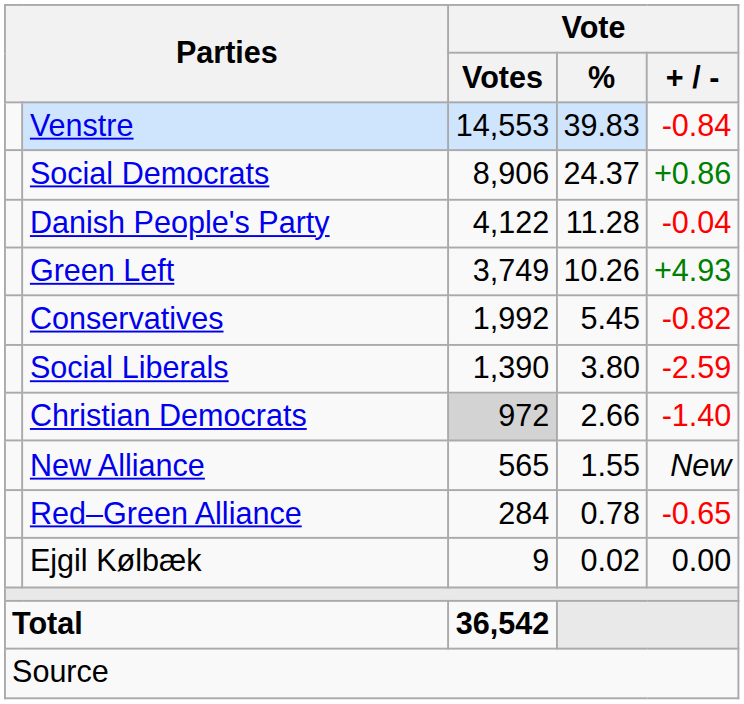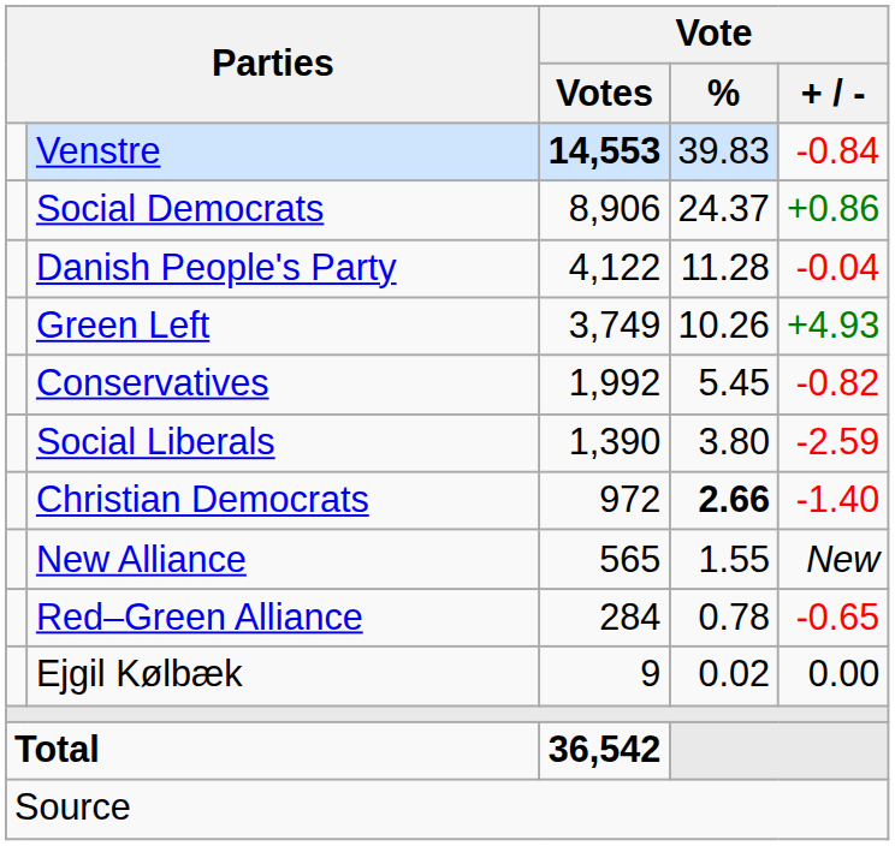 <table class="wikitable" style="text-align:right;">
 <tr>
 <th style="text-align:centre;" rowspan="2" colspan="2" width="225">Parties</th>
 <th colspan="3">Vote</th>
 </tr>
 <tr>
 <th width="15">Votes</th>
 <th width="15">%</th>
 <th width="15">+ / -</th>
 </tr>
 <tr>
 <td width="2" style="color:inherit;background:"></td>
 <td bgcolor=#cfe5fe  align="left"><a href='#'>Venstre</a></td>
-<td bgcolor=#cfe5fe>14,553</td>
+<td bgcolor=#cfe5fe><strong>14,553</strong></td>
 <td bgcolor=#cfe5fe>39.83</td>
 <td style=color:red;>-0.84</td>
 </tr>
 <tr>
 <td width="2" style="color:inherit;background:"></td>
 <td align="left"><a href='#'>Social Democrats</a></td>
 <td>8,906</td>
 <td>24.37</td>
 <td style=color:green;>+0.86</td>
 </tr>
 <tr>
 <td width="2" style="color:inherit;background:"></td>
 <td align="left"><a href='#'>Danish People's Party</a></td>
 <td>4,122</td>
 <td>11.28</td>
 <td style=color:red;>-0.04</td>
 </tr>
 <tr>
 <td width="2" style="color:inherit;background:"></td>
 <td align="left"><a href='#'>Green Left</a></td>
 <td>3,749</td>
 <td>10.26</td>
 <td style=color:green;>+4.93</td>
 </tr>
 <tr>
 <td width="2" style="color:inherit;background:"></td>
 <td align="left"><a href='#'>Conservatives</a></td>
 <td>1,992</td>
 <td>5.45</td>
 <td style=color:red;>-0.82</td>
 </tr>
 <tr>
 <td width="2" style="color:inherit;background:"></td>
 <td align="left"><a href='#'>Social Liberals</a></td>
 <td>1,390</td>
 <td>3.80</td>
 <td style=color:red;>-2.59</td>
 </tr>
 <tr>
 <td width="2" style="color:inherit;background:"></td>
 <td align="left"><a href='#'>Christian Democrats</a></td>
-<td style="background: lightgrey;">972</td>
-<td>2.66</td>
+<td>972</td>
+<td><strong>2.66</strong></td>
 <td style=color:red;>-1.40</td>
 </tr>
 <tr>
 <td width="2" style="color:inherit;background:"></td>
 <td align="left"><a href='#'>New Alliance</a></td>
 <td>565</td>
 <td>1.55</td>
 <td><em>New</em></td>
 </tr>
 <tr>
 <td width="2" style="color:inherit;background:"></td>
 <td align="left"><a href='#'>Red–Green Alliance</a></td>
 <td>284</td>
 <td>0.78</td>
 <td style=color:red;>-0.65</td>
 </tr>
 <tr>
 <td width="2" style="color:inherit;background:"></td>
 <td align="left">Ejgil Kølbæk</td>
 <td>9</td>
 <td>0.02</td>
 <td>0.00</td>
 </tr>
 <tr>
 <td colspan="7" bgcolor="#E9E9E9"></td>
 </tr>
 <tr>
 <td align="left" colspan="2"><strong>Total</strong></td>
 <td><strong>36,542</strong></td>
 <td bgcolor="#E9E9E9" colspan="2"></td>
 </tr>
 <tr>
 <td align="left" colspan="6">Source</td>
 </tr>
 </table>
